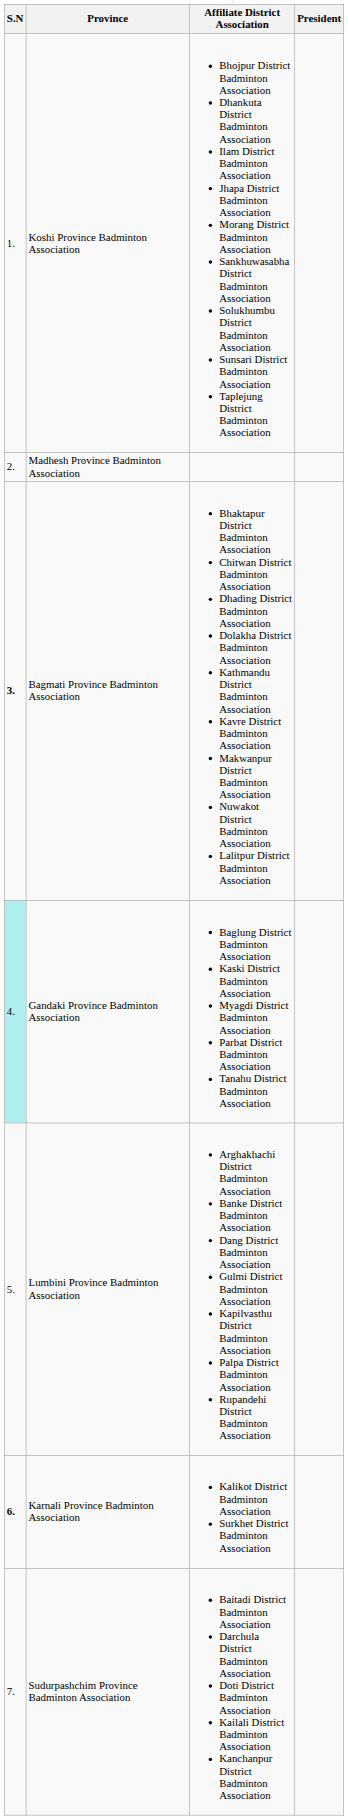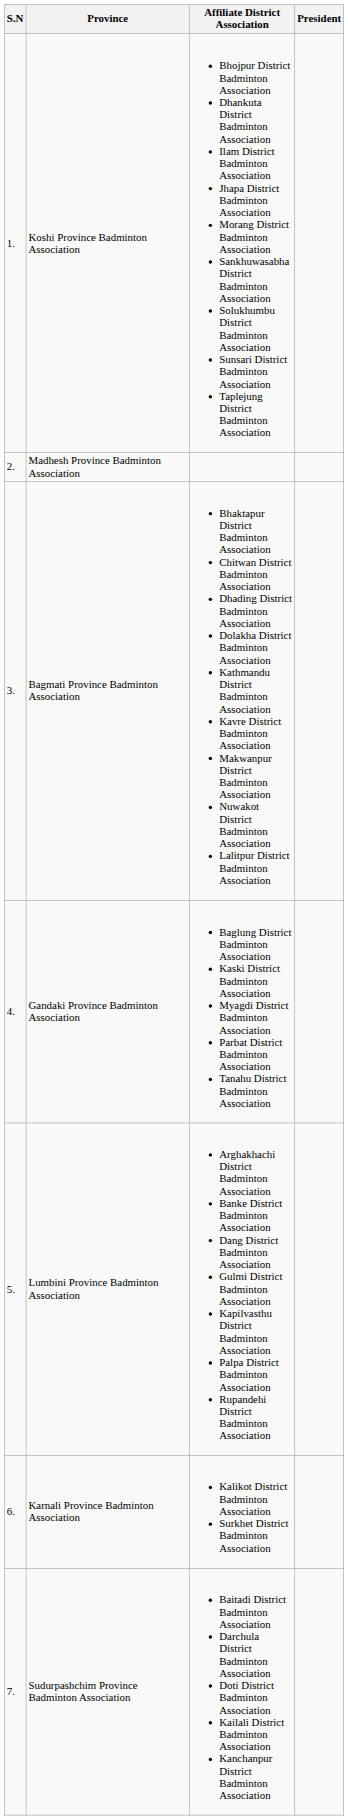 <table class="wikitable sortable" style="width:500px;">
 <tr>
 <th>S.N</th>
 <th>Province</th>
 <th width="31%">Affiliate District Association</th>
 <th>President</th>
 </tr>
 <tr>
 <td>1.</td>
 <td>Koshi Province Badminton Association</td>
 <td><br><ul><li>Bhojpur District Badminton Association</li><li>Dhankuta District Badminton Association</li><li>Ilam District Badminton Association</li><li>Jhapa District Badminton Association</li><li>Morang District Badminton Association</li><li>Sankhuwasabha District Badminton Association</li><li>Solukhumbu District Badminton Association</li><li>Sunsari District Badminton Association</li><li>Taplejung District Badminton Association</li></ul></td>
 <td></td>
 </tr>
 <tr>
 <td>2.</td>
 <td>Madhesh Province Badminton Association</td>
 <td></td>
 </tr>
 <tr>
-<td><strong>3.</strong></td>
+<td>3.</td>
 <td>Bagmati Province Badminton Association</td>
 <td><br><ul><li>Bhaktapur District Badminton Association</li><li>Chitwan District Badminton Association</li><li>Dhading District Badminton Association</li><li>Dolakha District Badminton Association</li><li>Kathmandu District Badminton Association</li><li>Kavre District Badminton Association</li><li>Makwanpur District Badminton Association</li><li>Nuwakot District Badminton Association</li><li>Lalitpur District Badminton Association</li></ul></td>
 <td></td>
 </tr>
 <tr>
-<td style="background: paleturquoise;">4.</td>
+<td>4.</td>
 <td>Gandaki Province Badminton Association</td>
 <td><br><ul><li>Baglung District Badminton Association</li><li>Kaski District Badminton Association</li><li>Myagdi District Badminton Association</li><li>Parbat District Badminton Association</li><li>Tanahu District Badminton Association</li></ul></td>
 <td></td>
 </tr>
 <tr>
 <td>5.</td>
 <td>Lumbini Province Badminton Association</td>
 <td><br><ul><li>Arghakhachi District Badminton Association</li><li>Banke District Badminton Association</li><li>Dang District Badminton Association</li><li>Gulmi District Badminton Association</li><li>Kapilvasthu District Badminton Association</li><li>Palpa District Badminton Association</li><li>Rupandehi District Badminton Association</li></ul></td>
 <td></td>
 </tr>
 <tr>
-<td><strong>6.</strong></td>
+<td>6.</td>
 <td>Karnali Province Badminton Association</td>
 <td><br><ul><li>Kalikot District Badminton Association</li><li>Surkhet District Badminton Association</li></ul></td>
 </tr>
 <tr>
 <td>7.</td>
 <td>Sudurpashchim Province Badminton Association</td>
 <td><br><ul><li>Baitadi District Badminton Association</li><li>Darchula District Badminton Association</li><li>Doti District Badminton Association</li><li>Kailali District Badminton Association</li><li>Kanchanpur District Badminton Association</li></ul></td>
 <td></td>
 </tr>
 </table>
